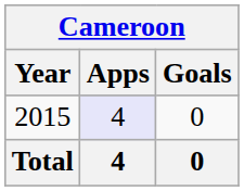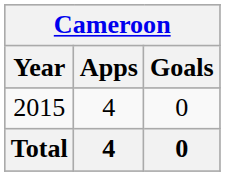 <table class="wikitable" style="text-align:center">
 <tr>
 <th colspan=3><a href='#'>Cameroon</a></th>
 </tr>
 <tr>
 <th>Year</th>
 <th>Apps</th>
 <th>Goals</th>
 </tr>
 <tr>
 <td>2015</td>
-<td style="background: lavender;">4</td>
+<td>4</td>
 <td>0</td>
 </tr>
 <tr>
 <th>Total</th>
 <th>4</th>
 <th>0</th>
 </tr>
 </table>
